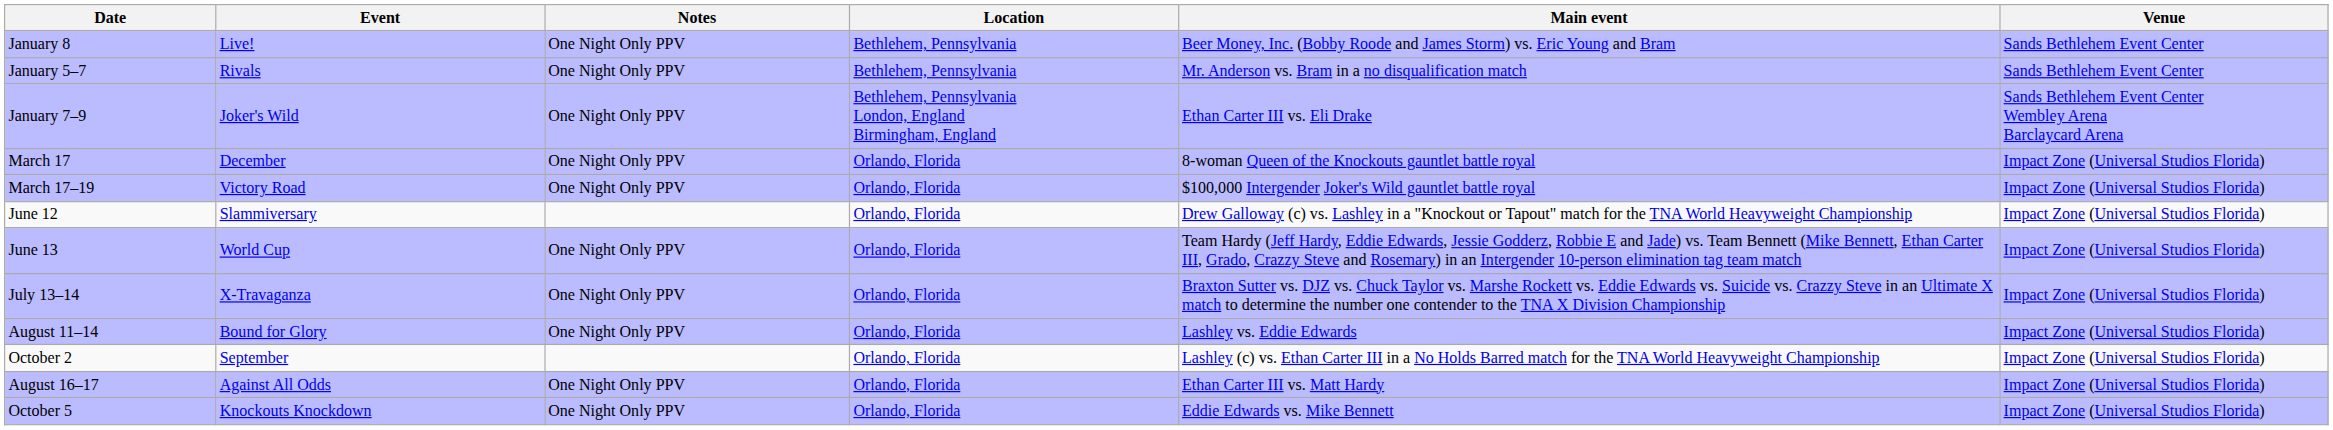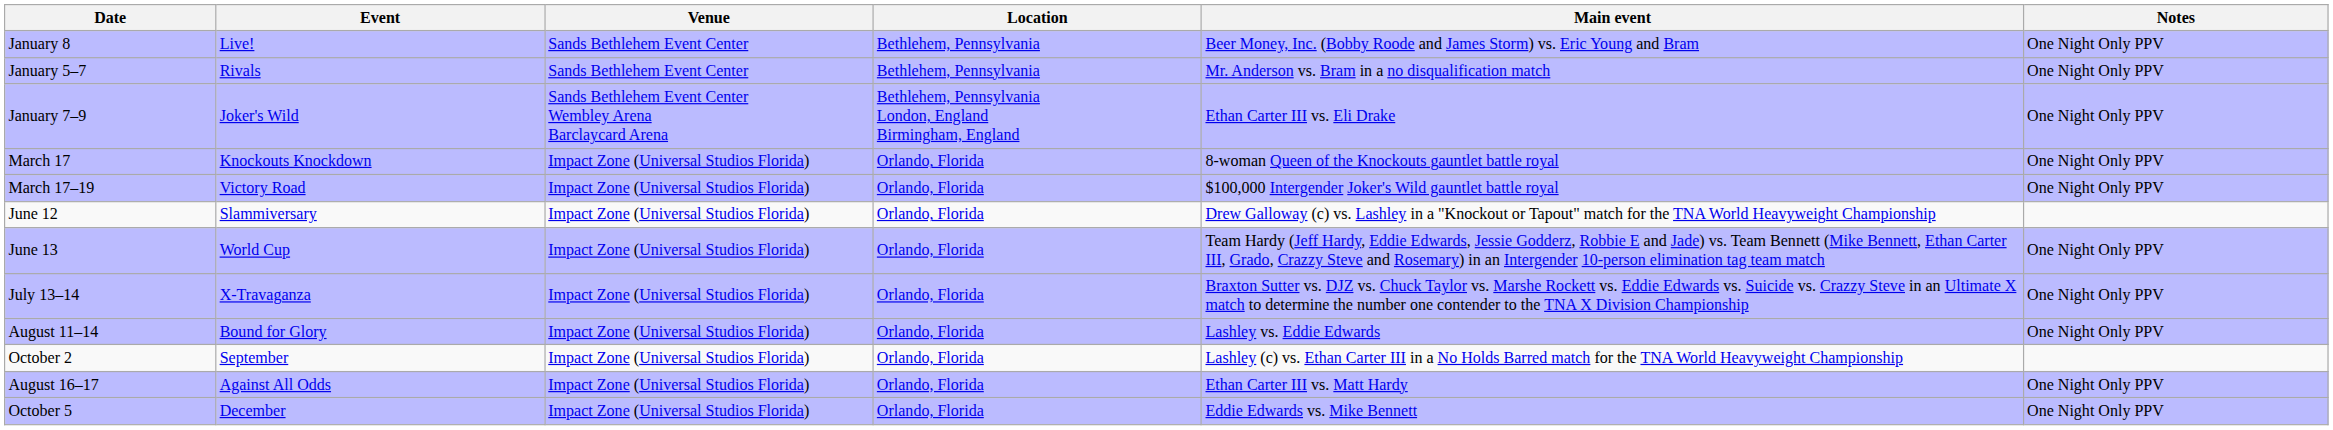 <table class="sortable wikitable succession-box" style="font-size:85%;">
 <tr>
 <th width=9%>Date</th>
 <th width=14%>Event</th>
-<th width=13%>Notes</th>
+<th width=14%>Venue</th>
 <th width=14%>Location</th>
 <th width=35%>Main event</th>
-<th width=14%>Venue</th>
+<th width=13%>Notes</th>
 </tr>
 <tr style="background: #BBF">
 <td>January 8</td>
 <td><a href='#'>Live!</a></td>
-<td>One Night Only PPV</td>
+<td><a href='#'>Sands Bethlehem Event Center</a></td>
 <td><a href='#'>Bethlehem, Pennsylvania</a></td>
 <td><a href='#'>Beer Money, Inc.</a> (<a href='#'>Bobby Roode</a> and <a href='#'>James Storm</a>) vs. <a href='#'>Eric Young</a> and <a href='#'>Bram</a></td>
-<td><a href='#'>Sands Bethlehem Event Center</a></td>
+<td>One Night Only PPV</td>
 </tr>
 <tr style="background: #BBF">
 <td>January 5–7<br></td>
 <td><a href='#'>Rivals</a></td>
-<td>One Night Only PPV</td>
+<td><a href='#'>Sands Bethlehem Event Center</a></td>
 <td><a href='#'>Bethlehem, Pennsylvania</a></td>
 <td><a href='#'>Mr. Anderson</a> vs. <a href='#'>Bram</a> in a <a href='#'>no disqualification match</a></td>
-<td><a href='#'>Sands Bethlehem Event Center</a></td>
+<td>One Night Only PPV</td>
 </tr>
 <tr style="background: #BBF">
 <td>January 7–9<br></td>
 <td><a href='#'>Joker's Wild</a></td>
-<td>One Night Only PPV</td>
+<td><a href='#'>Sands Bethlehem Event Center</a><br><a href='#'>Wembley Arena</a><br><a href='#'>Barclaycard Arena</a></td>
 <td><a href='#'>Bethlehem, Pennsylvania</a><br><a href='#'>London, England</a><br><a href='#'>Birmingham, England</a></td>
 <td><a href='#'>Ethan Carter III</a> vs. <a href='#'>Eli Drake</a></td>
-<td><a href='#'>Sands Bethlehem Event Center</a><br><a href='#'>Wembley Arena</a><br><a href='#'>Barclaycard Arena</a></td>
+<td>One Night Only PPV</td>
 </tr>
 <tr style="background: #BBF">
 <td>March 17<br></td>
-<td><a href='#'>December</a></td>
-<td>One Night Only PPV</td>
+<td><a href='#'>Knockouts Knockdown</a></td>
+<td><a href='#'>Impact Zone</a> (<a href='#'>Universal Studios Florida</a>)</td>
 <td><a href='#'>Orlando, Florida</a></td>
 <td>8-woman <a href='#'>Queen of the Knockouts gauntlet battle royal</a></td>
-<td><a href='#'>Impact Zone</a> (<a href='#'>Universal Studios Florida</a>)</td>
+<td>One Night Only PPV</td>
 </tr>
 <tr style="background: #BBF">
 <td>March 17–19<br></td>
 <td><a href='#'>Victory Road</a></td>
-<td>One Night Only PPV</td>
+<td><a href='#'>Impact Zone</a> (<a href='#'>Universal Studios Florida</a>)</td>
 <td><a href='#'>Orlando, Florida</a></td>
 <td>$100,000 <a href='#'>Intergender</a> <a href='#'>Joker's Wild gauntlet battle royal</a></td>
-<td><a href='#'>Impact Zone</a> (<a href='#'>Universal Studios Florida</a>)</td>
+<td>One Night Only PPV</td>
 </tr>
 <tr>
 <td>June 12</td>
 <td><a href='#'>Slammiversary</a></td>
-<td></td>
+<td><a href='#'>Impact Zone</a> (<a href='#'>Universal Studios Florida</a>)</td>
 <td><a href='#'>Orlando, Florida</a></td>
 <td><a href='#'>Drew Galloway</a> (c) vs. <a href='#'>Lashley</a> in a "Knockout or Tapout" match for the <a href='#'>TNA World Heavyweight Championship</a></td>
-<td><a href='#'>Impact Zone</a> (<a href='#'>Universal Studios Florida</a>)</td>
+<td></td>
 </tr>
 <tr style="background: #BBF">
 <td>June 13<br></td>
 <td><a href='#'>World Cup</a></td>
-<td>One Night Only PPV</td>
+<td><a href='#'>Impact Zone</a> (<a href='#'>Universal Studios Florida</a>)</td>
 <td><a href='#'>Orlando, Florida</a></td>
 <td>Team Hardy (<a href='#'>Jeff Hardy</a>, <a href='#'>Eddie Edwards</a>, <a href='#'>Jessie Godderz</a>, <a href='#'>Robbie E</a> and <a href='#'>Jade</a>) vs. Team Bennett (<a href='#'>Mike Bennett</a>, <a href='#'>Ethan Carter III</a>, <a href='#'>Grado</a>, <a href='#'>Crazzy Steve</a> and <a href='#'>Rosemary</a>) in an <a href='#'>Intergender</a> <a href='#'>10-person elimination tag team match</a></td>
-<td><a href='#'>Impact Zone</a> (<a href='#'>Universal Studios Florida</a>)</td>
+<td>One Night Only PPV</td>
 </tr>
 <tr style="background: #BBF">
 <td>July 13–14<br></td>
 <td><a href='#'>X-Travaganza</a></td>
-<td>One Night Only PPV</td>
+<td><a href='#'>Impact Zone</a> (<a href='#'>Universal Studios Florida</a>)</td>
 <td><a href='#'>Orlando, Florida</a></td>
 <td><a href='#'>Braxton Sutter</a> vs. <a href='#'>DJZ</a> vs. <a href='#'>Chuck Taylor</a> vs. <a href='#'>Marshe Rockett</a> vs. <a href='#'>Eddie Edwards</a> vs. <a href='#'>Suicide</a> vs. <a href='#'>Crazzy Steve</a> in an <a href='#'>Ultimate X match</a> to determine the number one contender to the <a href='#'>TNA X Division Championship</a></td>
-<td><a href='#'>Impact Zone</a> (<a href='#'>Universal Studios Florida</a>)</td>
+<td>One Night Only PPV</td>
 </tr>
 <tr style="background: #BBF">
 <td>August 11–14<br></td>
 <td><a href='#'>Bound for Glory</a></td>
-<td>One Night Only PPV</td>
+<td><a href='#'>Impact Zone</a> (<a href='#'>Universal Studios Florida</a>)</td>
 <td><a href='#'>Orlando, Florida</a></td>
 <td><a href='#'>Lashley</a> vs. <a href='#'>Eddie Edwards</a></td>
-<td><a href='#'>Impact Zone</a> (<a href='#'>Universal Studios Florida</a>)</td>
+<td>One Night Only PPV</td>
 </tr>
 <tr>
 <td>October 2</td>
 <td><a href='#'>September</a></td>
-<td></td>
+<td><a href='#'>Impact Zone</a> (<a href='#'>Universal Studios Florida</a>)</td>
 <td><a href='#'>Orlando, Florida</a></td>
 <td><a href='#'>Lashley</a> (c) vs. <a href='#'>Ethan Carter III</a> in a <a href='#'>No Holds Barred match</a> for the <a href='#'>TNA World Heavyweight Championship</a></td>
-<td><a href='#'>Impact Zone</a> (<a href='#'>Universal Studios Florida</a>)</td>
+<td></td>
 </tr>
 <tr style="background: #BBF">
 <td>August 16–17<br></td>
 <td><a href='#'>Against All Odds</a></td>
-<td>One Night Only PPV</td>
+<td><a href='#'>Impact Zone</a> (<a href='#'>Universal Studios Florida</a>)</td>
 <td><a href='#'>Orlando, Florida</a></td>
 <td><a href='#'>Ethan Carter III</a> vs. <a href='#'>Matt Hardy</a></td>
-<td><a href='#'>Impact Zone</a> (<a href='#'>Universal Studios Florida</a>)</td>
+<td>One Night Only PPV</td>
 </tr>
 <tr style="background: #BBF">
 <td>October 5<br></td>
-<td><a href='#'>Knockouts Knockdown</a></td>
-<td>One Night Only PPV</td>
+<td><a href='#'>December</a></td>
+<td><a href='#'>Impact Zone</a> (<a href='#'>Universal Studios Florida</a>)</td>
 <td><a href='#'>Orlando, Florida</a></td>
 <td><a href='#'>Eddie Edwards</a> vs. <a href='#'>Mike Bennett</a></td>
-<td><a href='#'>Impact Zone</a> (<a href='#'>Universal Studios Florida</a>)</td>
+<td>One Night Only PPV</td>
 </tr>
 </table>
